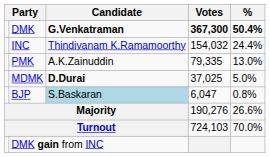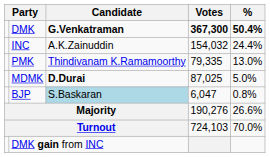 <table class="wikitable">
 <tr>
 <th colspan="2">Party</th>
 <th>Candidate</th>
 <th>Votes</th>
 <th>%</th>
 </tr>
 <tr>
 <td></td>
 <td><a href='#'>DMK</a></td>
 <td><strong>G.Venkatraman</strong></td>
 <td><strong>367,300</strong></td>
 <td><strong>50.4%</strong></td>
 </tr>
 <tr>
 <td></td>
 <td><a href='#'>INC</a></td>
-<td><a href='#'>Thindivanam K.Ramamoorthy</a></td>
+<td>A.K.Zainuddin</td>
 <td>154,032</td>
 <td>24.4%</td>
 </tr>
 <tr>
 <td></td>
 <td><a href='#'>PMK</a></td>
-<td>A.K.Zainuddin</td>
+<td><a href='#'>Thindivanam K.Ramamoorthy</a></td>
 <td>79,335</td>
 <td>13.0%</td>
 </tr>
 <tr>
 <td></td>
 <td><a href='#'>MDMK</a></td>
 <td><strong>D.Durai</strong></td>
-<td>37,025</td>
+<td>87,025</td>
 <td>5.0%</td>
 </tr>
 <tr>
 <td></td>
 <td><a href='#'>BJP</a></td>
 <td style="background: lightblue;">S.Baskaran</td>
 <td>6,047</td>
 <td>0.8%</td>
 </tr>
 <tr>
 <th colspan="3">Majority</th>
 <td>190,276</td>
 <td>26.6%</td>
 </tr>
 <tr>
 <th colspan="3"><a href='#'>Turnout</a></th>
 <td>724,103</td>
 <td>70.0%</td>
 </tr>
 <tr>
 <td></td>
 <td colspan="2"><a href='#'>DMK</a> <strong>gain</strong> from <a href='#'>INC</a></td>
 <th></th>
 <td></td>
 </tr>
 </table>
